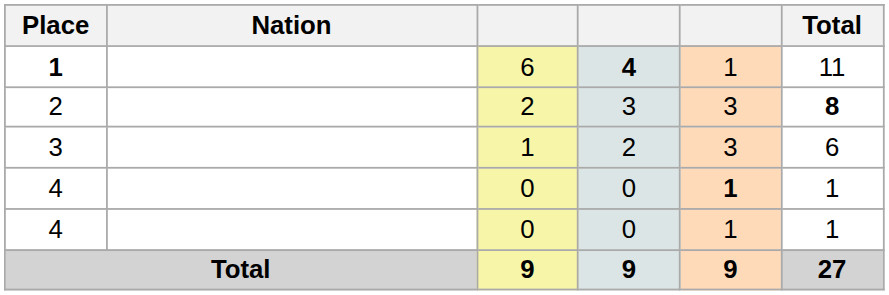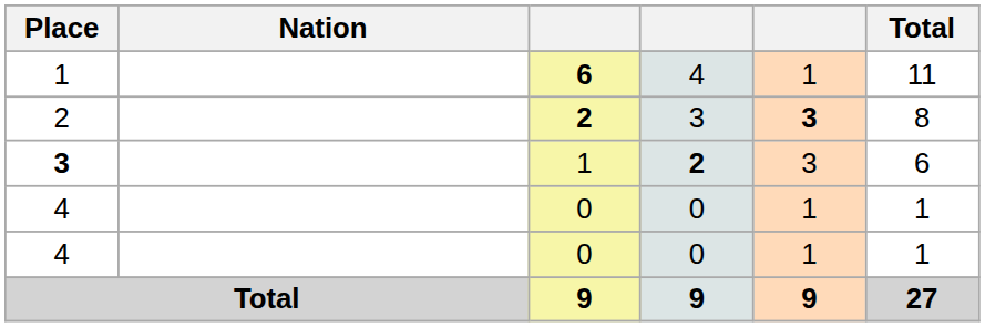 <table class=wikitable style="border:1px solid #AAAAAA;font-size:90%">
 <tr bgcolor="#EFEFEF">
 <th width=50>Place</th>
 <th width=200>Nation</th>
 <th width=50></th>
 <th width=50></th>
 <th width=50></th>
 <th width=50>Total</th>
 </tr>
 <tr align="center" valign="top" bgcolor="#FFFFFF">
-<td><strong>1</strong></td>
+<td>1</td>
 <td align="left"></td>
-<td style="background:#F7F6A8;">6</td>
-<td style="background:#DCE5E5;"><strong>4</strong></td>
+<td style="background:#F7F6A8;"><strong>6</strong></td>
+<td style="background:#DCE5E5;">4</td>
 <td style="background:#FFDAB9;">1</td>
 <td>11</td>
 </tr>
 <tr align="center" valign="top" bgcolor="#FFFFFF">
 <td>2</td>
 <td align="left"></td>
-<td style="background:#F7F6A8;">2</td>
+<td style="background:#F7F6A8;"><strong>2</strong></td>
 <td style="background:#DCE5E5;">3</td>
-<td style="background:#FFDAB9;">3</td>
-<td><strong>8</strong></td>
+<td style="background:#FFDAB9;"><strong>3</strong></td>
+<td>8</td>
 </tr>
 <tr align="center" valign="top" bgcolor="#FFFFFF">
-<td>3</td>
+<td><strong>3</strong></td>
 <td align="left"></td>
 <td style="background:#F7F6A8;">1</td>
-<td style="background:#DCE5E5;">2</td>
+<td style="background:#DCE5E5;"><strong>2</strong></td>
 <td style="background:#FFDAB9;">3</td>
 <td>6</td>
 </tr>
 <tr align="center" valign="top" bgcolor="#FFFFFF">
 <td>4</td>
 <td align="left"></td>
 <td style="background:#F7F6A8;">0</td>
 <td style="background:#DCE5E5;">0</td>
-<td style="background:#FFDAB9;"><strong>1</strong></td>
+<td style="background:#FFDAB9;">1</td>
 <td>1</td>
 </tr>
 <tr align="center" valign="top" bgcolor="#FFFFFF">
 <td>4</td>
 <td align="left"></td>
 <td style="background:#F7F6A8;">0</td>
 <td style="background:#DCE5E5;">0</td>
 <td style="background:#FFDAB9;">1</td>
 <td>1</td>
 </tr>
 <tr align="center">
 <td colspan="2" bgcolor=D3D3D3><strong>Total</strong></td>
 <td style="background:#F7F6A8;"><strong>9</strong></td>
 <td style="background:#DCE5E5;"><strong>9</strong></td>
 <td style="background:#FFDAB9;"><strong>9</strong></td>
 <td bgcolor=D3D3D3><strong>27</strong></td>
 </tr>
 </table>
